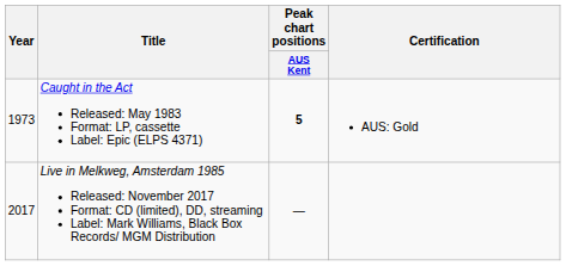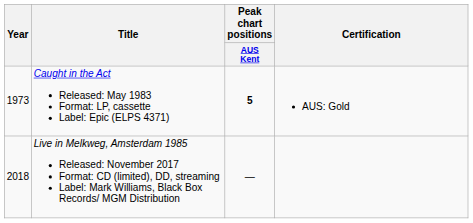 <table class="wikitable">
 <tr>
 <th rowspan="2" width="33">Year</th>
 <th rowspan="2" width="300">Title</th>
 <th colspan="1">Peak chart positions</th>
 <th rowspan="2" width="300">Certification</th>
 </tr>
 <tr>
 <th style="width:3em;font-size:85%"><a href='#'>AUS<br>Kent</a><br></th>
 </tr>
 <tr>
 <td align="center">1973</td>
 <td><em><a href='#'>Caught in the Act</a></em><br><ul><li>Released: May 1983</li><li>Format: LP, cassette</li><li>Label: Epic (ELPS 4371)</li></ul></td>
 <td align="center"><strong>5</strong></td>
 <td><br><ul><li>AUS: Gold</li></ul></td>
 </tr>
 <tr>
-<td align="center">2017</td>
+<td align="center">2018</td>
 <td><em>Live in Melkweg, Amsterdam 1985</em><br><ul><li>Released: November 2017</li><li>Format: CD (limited), DD, streaming</li><li>Label: Mark Williams, Black Box Records/ MGM Distribution</li></ul></td>
 <td align="center">—</td>
 <td></td>
 </tr>
 </table>
